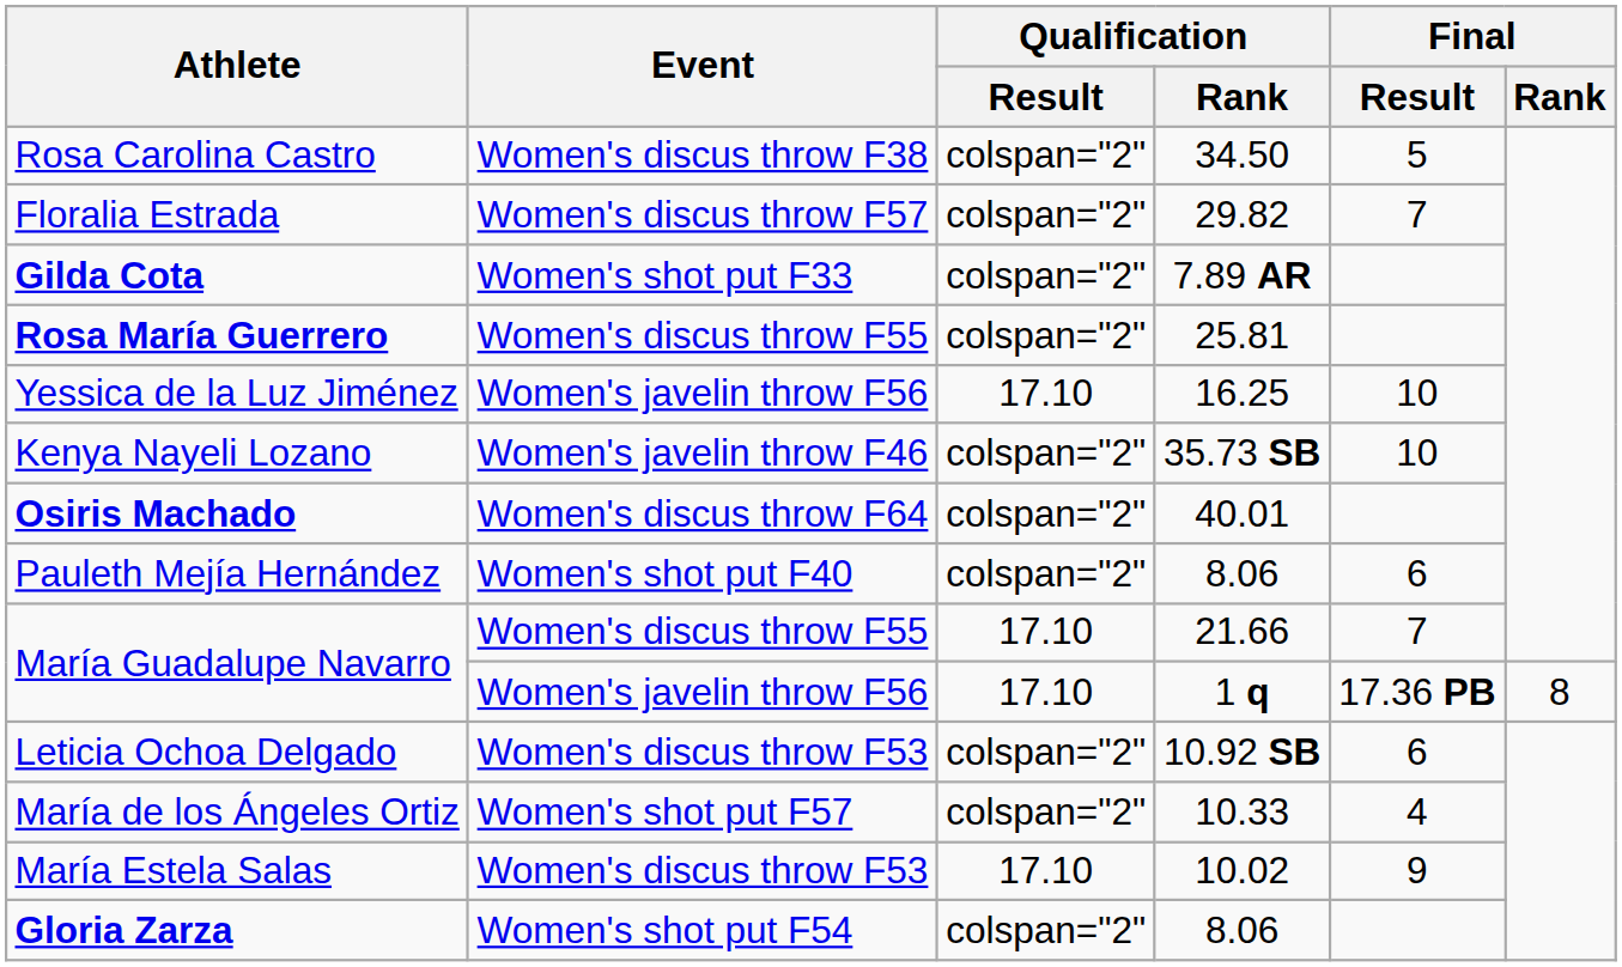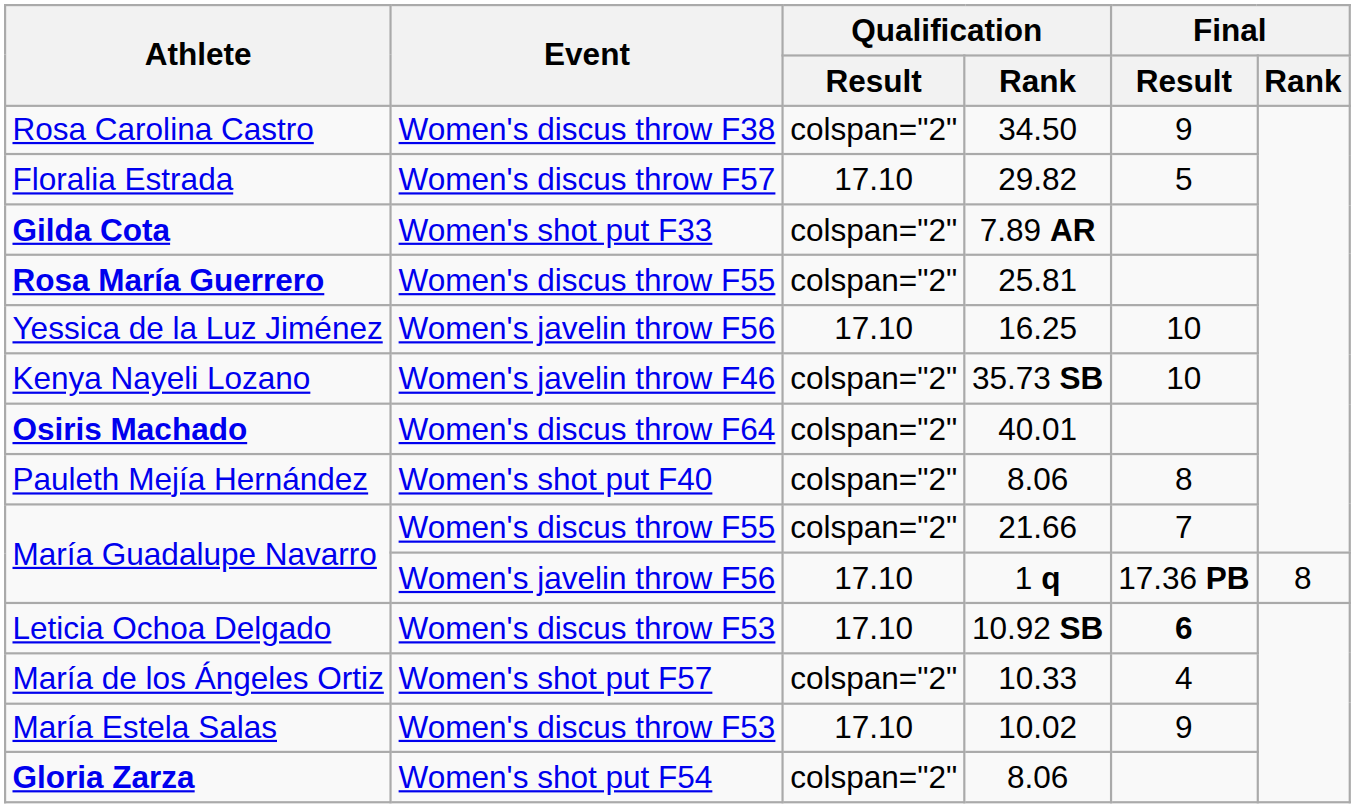 <table class="wikitable" style="font-size:90%; text-align:center">
 <tr>
 <th rowspan="2">Athlete</th>
 <th rowspan="2">Event</th>
 <th colspan="2">Qualification</th>
 <th colspan="2">Final</th>
 </tr>
 <tr>
 <th>Result</th>
 <th>Rank</th>
 <th>Result</th>
 <th>Rank</th>
 </tr>
 <tr align=center>
 <td align=left><a href='#'>Rosa Carolina Castro</a></td>
 <td align=left><a href='#'>Women's discus throw F38</a></td>
 <td>colspan="2" </td>
 <td>34.50</td>
-<td>5</td>
+<td>9</td>
 </tr>
 <tr align=center>
 <td align=left><a href='#'>Floralia Estrada</a></td>
 <td align=left><a href='#'>Women's discus throw F57</a></td>
-<td>colspan="2" </td>
+<td>17.10</td>
 <td>29.82</td>
-<td>7</td>
+<td>5</td>
 </tr>
 <tr align=center>
 <td align=left><strong><a href='#'>Gilda Cota</a></strong></td>
 <td align=left><a href='#'>Women's shot put F33</a></td>
 <td>colspan="2" </td>
 <td>7.89 <strong>AR</strong></td>
 <td></td>
 </tr>
 <tr align=center>
 <td align=left><strong><a href='#'>Rosa María Guerrero</a></strong></td>
 <td align=left><a href='#'>Women's discus throw F55</a></td>
 <td>colspan="2" </td>
 <td>25.81</td>
 <td></td>
 </tr>
 <tr align=center>
 <td align=left><a href='#'>Yessica de la Luz Jiménez</a></td>
 <td align=left><a href='#'>Women's javelin throw F56</a></td>
 <td>17.10</td>
 <td>16.25</td>
 <td>10</td>
 </tr>
 <tr align=center>
 <td align=left><a href='#'>Kenya Nayeli Lozano</a></td>
 <td align=left><a href='#'>Women's javelin throw F46</a></td>
 <td>colspan="2" </td>
 <td>35.73 <strong>SB</strong></td>
 <td>10</td>
 </tr>
 <tr align=center>
 <td align=left><strong><a href='#'>Osiris Machado</a></strong></td>
 <td align=left><a href='#'>Women's discus throw F64</a></td>
 <td>colspan="2" </td>
 <td>40.01</td>
 <td></td>
 </tr>
 <tr align=center>
 <td align=left><a href='#'>Pauleth Mejía Hernández</a></td>
 <td align=left><a href='#'>Women's shot put F40</a></td>
 <td>colspan="2" </td>
 <td>8.06</td>
-<td>6</td>
+<td>8</td>
 </tr>
 <tr align=center>
 <td align=left rowspan="2"><a href='#'>María Guadalupe Navarro</a></td>
 <td align=left><a href='#'>Women's discus throw F55</a></td>
-<td>17.10</td>
+<td>colspan="2" </td>
 <td>21.66</td>
 <td>7</td>
 </tr>
 <tr align=center>
 <td align=left><a href='#'>Women's javelin throw F56</a></td>
 <td>17.10</td>
 <td>1 <strong>q</strong></td>
 <td>17.36 <strong>PB</strong></td>
 <td>8</td>
 </tr>
 <tr align=center>
 <td align=left><a href='#'>Leticia Ochoa Delgado</a></td>
 <td align=left><a href='#'>Women's discus throw F53</a></td>
-<td>colspan="2" </td>
+<td>17.10</td>
 <td>10.92 <strong>SB</strong></td>
-<td>6</td>
+<td><strong>6</strong></td>
 </tr>
 <tr align=center>
 <td align=left><a href='#'>María de los Ángeles Ortiz</a></td>
 <td align=left><a href='#'>Women's shot put F57</a></td>
 <td>colspan="2" </td>
 <td>10.33</td>
 <td>4</td>
 </tr>
 <tr align=center>
 <td align=left><a href='#'>María Estela Salas</a></td>
 <td align=left><a href='#'>Women's discus throw F53</a></td>
 <td>17.10</td>
 <td>10.02</td>
 <td>9</td>
 </tr>
 <tr align=center>
 <td align=left><strong><a href='#'>Gloria Zarza</a></strong></td>
 <td align=left><a href='#'>Women's shot put F54</a></td>
 <td>colspan="2" </td>
 <td>8.06</td>
 <td></td>
 </tr>
 </table>
